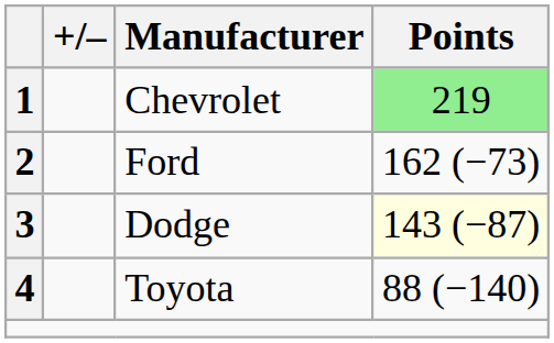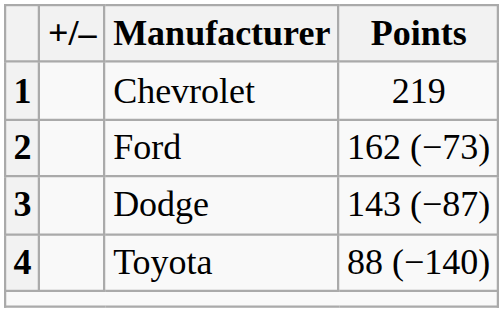 <table class="wikitable">
 <tr>
 <th scope="col"></th>
 <th scope="col">+/–</th>
 <th scope="col">Manufacturer</th>
 <th scope="col">Points</th>
 </tr>
 <tr>
 <th scope="row"><strong>1</strong></th>
 <td align="left"></td>
 <td>Chevrolet</td>
-<td style="background: lightgreen; text-align:center;">219</td>
+<td style="text-align:center;">219</td>
 </tr>
 <tr>
 <th scope="row"><strong>2</strong></th>
 <td align="left"></td>
 <td>Ford</td>
 <td style="text-align:center;">162 (−73)</td>
 </tr>
 <tr>
 <th scope="row"><strong>3</strong></th>
 <td align="left"></td>
 <td>Dodge</td>
-<td style="background: lightyellow; text-align:center;">143 (−87)</td>
+<td style="text-align:center;">143 (−87)</td>
 </tr>
 <tr>
 <th scope="row"><strong>4</strong></th>
 <td align="left"></td>
 <td>Toyota</td>
 <td style="text-align:center;">88 (−140)</td>
 </tr>
 <tr class="sortbottom">
 <td colspan="9"></td>
 </tr>
 </table>
